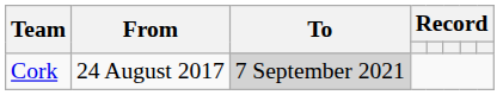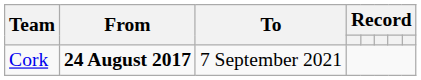 <table class=wikitable style="text-align: center">
 <tr>
 <th rowspan=2>Team</th>
 <th rowspan=2>From</th>
 <th rowspan=2>To</th>
 <th colspan=5>Record</th>
 </tr>
 <tr>
 <th></th>
 <th></th>
 <th></th>
 <th></th>
 <th></th>
 </tr>
 <tr>
 <td align=left><a href='#'>Cork</a></td>
-<td align=left>24 August 2017</td>
-<td align=left style="background: lightgrey;">7 September 2021<br></td>
+<td align=left><strong>24 August 2017</strong></td>
+<td align=left>7 September 2021<br></td>
 </tr>
 </table>
